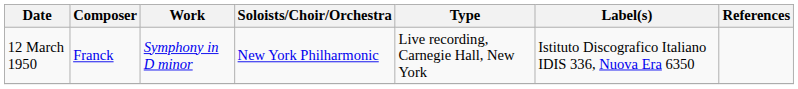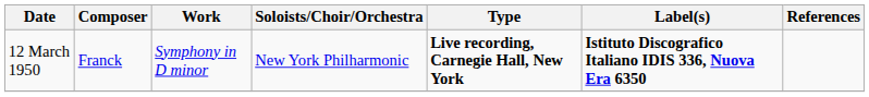 <table class="wikitable">
 <tr>
 <th>Date</th>
 <th>Composer</th>
 <th>Work</th>
 <th>Soloists/Choir/Orchestra</th>
 <th>Type</th>
 <th>Label(s)</th>
 <th>References</th>
 </tr>
 <tr>
 <td>12 March 1950</td>
 <td><a href='#'>Franck</a></td>
 <td><em><a href='#'>Symphony in D minor</a></em></td>
 <td><a href='#'>New York Philharmonic</a></td>
-<td>Live recording, Carnegie Hall, New York</td>
-<td>Istituto Discografico Italiano IDIS 336, <a href='#'>Nuova Era</a> 6350</td>
+<td><strong>Live recording, Carnegie Hall, New York</strong></td>
+<td><strong>Istituto Discografico Italiano IDIS 336, <a href='#'>Nuova Era</a> 6350</strong></td>
 <td></td>
 </tr>
 <tr>
 </tr>
 </table>
